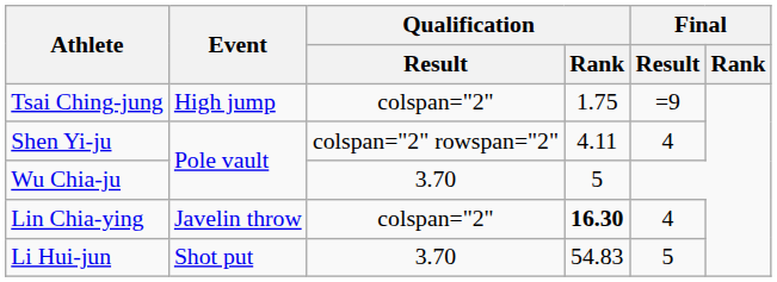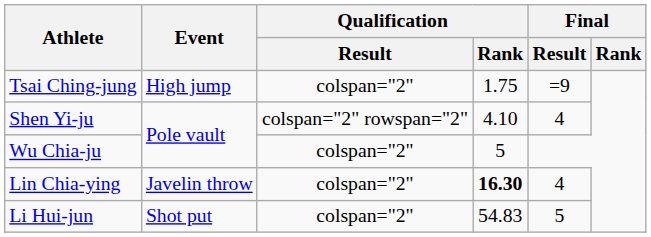 <table class="wikitable" style="text-align:center; font-size:90%">
 <tr>
 <th rowspan="2">Athlete</th>
 <th rowspan="2">Event</th>
 <th colspan="2">Qualification</th>
 <th colspan="2">Final</th>
 </tr>
 <tr>
 <th>Result</th>
 <th>Rank</th>
 <th>Result</th>
 <th>Rank</th>
 </tr>
 <tr>
 <td align="left"><a href='#'>Tsai Ching-jung</a></td>
 <td align="left"><a href='#'>High jump</a></td>
 <td>colspan="2" </td>
 <td>1.75</td>
 <td>=9</td>
 </tr>
 <tr>
 <td align="left"><a href='#'>Shen Yi-ju</a></td>
 <td align="left" rowspan="2"><a href='#'>Pole vault</a></td>
 <td>colspan="2" rowspan="2" </td>
-<td>4.11</td>
+<td>4.10</td>
 <td>4 <strong></strong></td>
 </tr>
 <tr>
 <td align="left"><a href='#'>Wu Chia-ju</a></td>
-<td>3.70</td>
+<td>colspan="2" </td>
 <td>5</td>
 </tr>
 <tr>
 <td align="left"><a href='#'>Lin Chia-ying</a></td>
 <td align="left"><a href='#'>Javelin throw</a></td>
 <td>colspan="2" </td>
 <td><strong>16.30</strong></td>
 <td>4</td>
 </tr>
 <tr>
 <td align="left"><a href='#'>Li Hui-jun</a></td>
 <td align="left"><a href='#'>Shot put</a></td>
-<td>3.70</td>
+<td>colspan="2" </td>
 <td>54.83</td>
 <td>5</td>
 </tr>
 </table>
